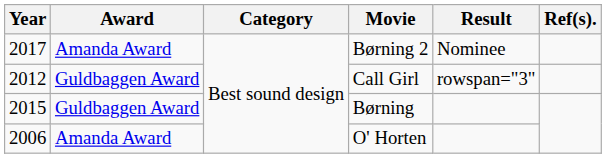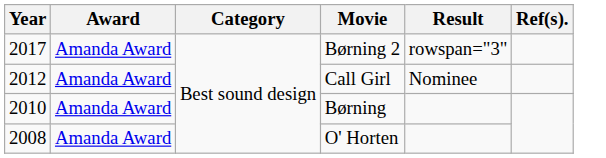 <table class="wikitable">
 <tr>
 <th>Year</th>
 <th>Award</th>
 <th>Category</th>
 <th>Movie</th>
 <th>Result</th>
 <th>Ref(s).</th>
 </tr>
 <tr>
 <td>2017</td>
 <td><a href='#'>Amanda Award</a></td>
 <td rowspan="4">Best sound design</td>
 <td>Børning 2</td>
+<td>rowspan="3"</td>
+<td></td>
+</tr>
+<tr>
+<td>2012</td>
+<td><a href='#'>Amanda Award</a></td>
+<td>Call Girl</td>
 <td>Nominee</td>
 <td></td>
 </tr>
 <tr>
-<td>2012</td>
-<td><a href='#'>Guldbaggen Award</a></td>
-<td>Call Girl</td>
-<td>rowspan="3"</td>
-<td></td>
-</tr>
-<tr>
-<td>2015</td>
-<td><a href='#'>Guldbaggen Award</a></td>
+<td>2010</td>
+<td><a href='#'>Amanda Award</a></td>
 <td>Børning</td>
 <td></td>
 </tr>
 <tr>
-<td>2006</td>
+<td>2008</td>
 <td><a href='#'>Amanda Award</a></td>
 <td>O' Horten</td>
 <td></td>
 </tr>
 </table>
